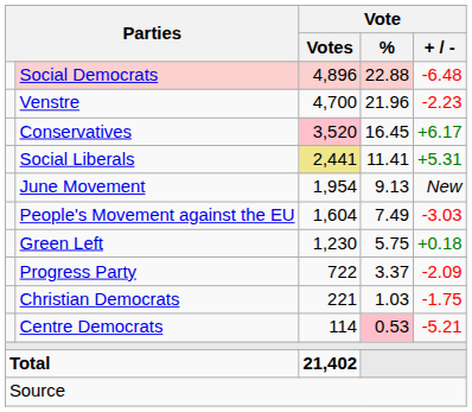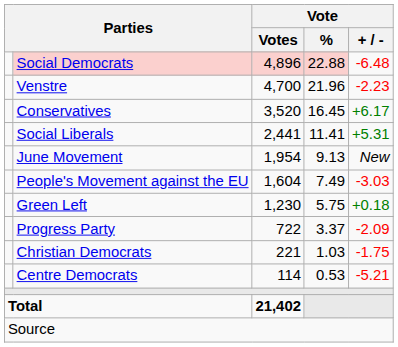 <table class="wikitable" style="text-align:right;">
 <tr>
 <th style="text-align:centre;" rowspan="2" colspan="2" width="225">Parties</th>
 <th colspan="3">Vote</th>
 </tr>
 <tr>
 <th width="15">Votes</th>
 <th width="15">%</th>
 <th width="15">+ / -</th>
 </tr>
 <tr>
 <td width="2" style="color:inherit;background:"></td>
 <td bgcolor=#fbd0ce   align="left"><a href='#'>Social Democrats</a></td>
 <td bgcolor=#fbd0ce>4,896</td>
 <td bgcolor=#fbd0ce>22.88</td>
 <td style=color:red;>-6.48</td>
 </tr>
 <tr>
 <td width="2" style="color:inherit;background:"></td>
 <td align="left"><a href='#'>Venstre</a></td>
 <td>4,700</td>
 <td>21.96</td>
 <td style=color:red;>-2.23</td>
 </tr>
 <tr>
 <td width="2" style="color:inherit;background:"></td>
 <td align="left"><a href='#'>Conservatives</a></td>
-<td style="background: pink;">3,520</td>
+<td>3,520</td>
 <td>16.45</td>
 <td style=color:green;>+6.17</td>
 </tr>
 <tr>
 <td width="2" style="color:inherit;background:"></td>
 <td align="left"><a href='#'>Social Liberals</a></td>
-<td style="background: khaki;">2,441</td>
+<td>2,441</td>
 <td>11.41</td>
 <td style=color:green;>+5.31</td>
 </tr>
 <tr>
 <td width="2" style="color:inherit;background:"></td>
 <td align="left"><a href='#'>June Movement</a></td>
 <td>1,954</td>
 <td>9.13</td>
 <td><em>New</em></td>
 </tr>
 <tr>
 <td width="2" style="color:inherit;background:"></td>
 <td align="left"><a href='#'>People's Movement against the EU</a></td>
 <td>1,604</td>
 <td>7.49</td>
 <td style=color:red;>-3.03</td>
 </tr>
 <tr>
 <td width="2" style="color:inherit;background:"></td>
 <td align="left"><a href='#'>Green Left</a></td>
 <td>1,230</td>
 <td>5.75</td>
 <td style=color:green;>+0.18</td>
 </tr>
 <tr>
 <td width="2" style="color:inherit;background:"></td>
 <td align="left"><a href='#'>Progress Party</a></td>
 <td>722</td>
 <td>3.37</td>
 <td style=color:red;>-2.09</td>
 </tr>
 <tr>
 <td width="2" style="color:inherit;background:"></td>
 <td align="left"><a href='#'>Christian Democrats</a></td>
 <td>221</td>
 <td>1.03</td>
 <td style=color:red;>-1.75</td>
 </tr>
 <tr>
 <td width="2" style="color:inherit;background:"></td>
 <td align="left"><a href='#'>Centre Democrats</a></td>
 <td>114</td>
-<td style="background: pink;">0.53</td>
+<td>0.53</td>
 <td style=color:red;>-5.21</td>
 </tr>
 <tr>
 <td colspan="7" bgcolor="#E9E9E9"></td>
 </tr>
 <tr>
 <td align="left" colspan="2"><strong>Total</strong></td>
 <td><strong>21,402</strong></td>
 <td bgcolor="#E9E9E9" colspan="2"></td>
 </tr>
 <tr>
 <td align="left" colspan="6">Source</td>
 </tr>
 </table>
